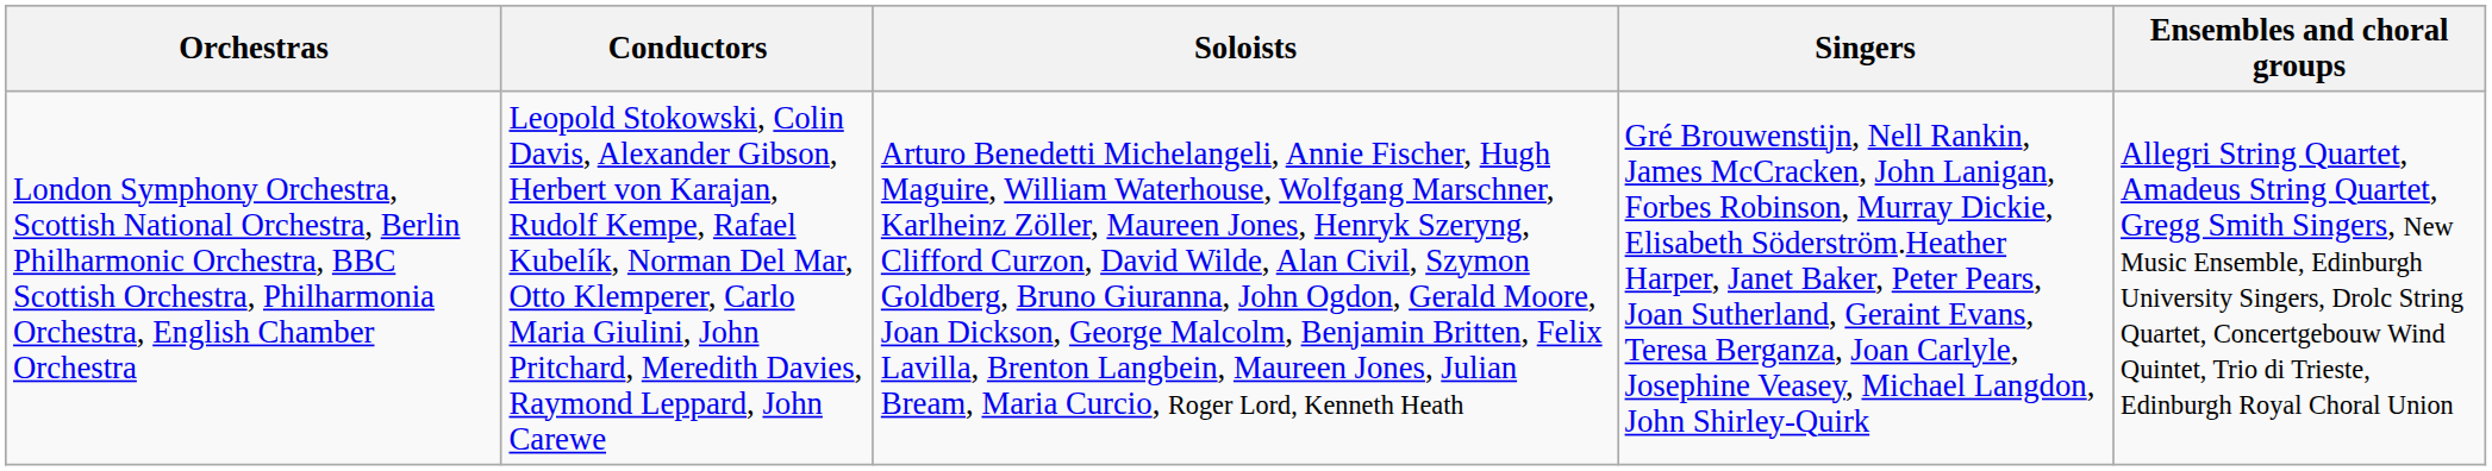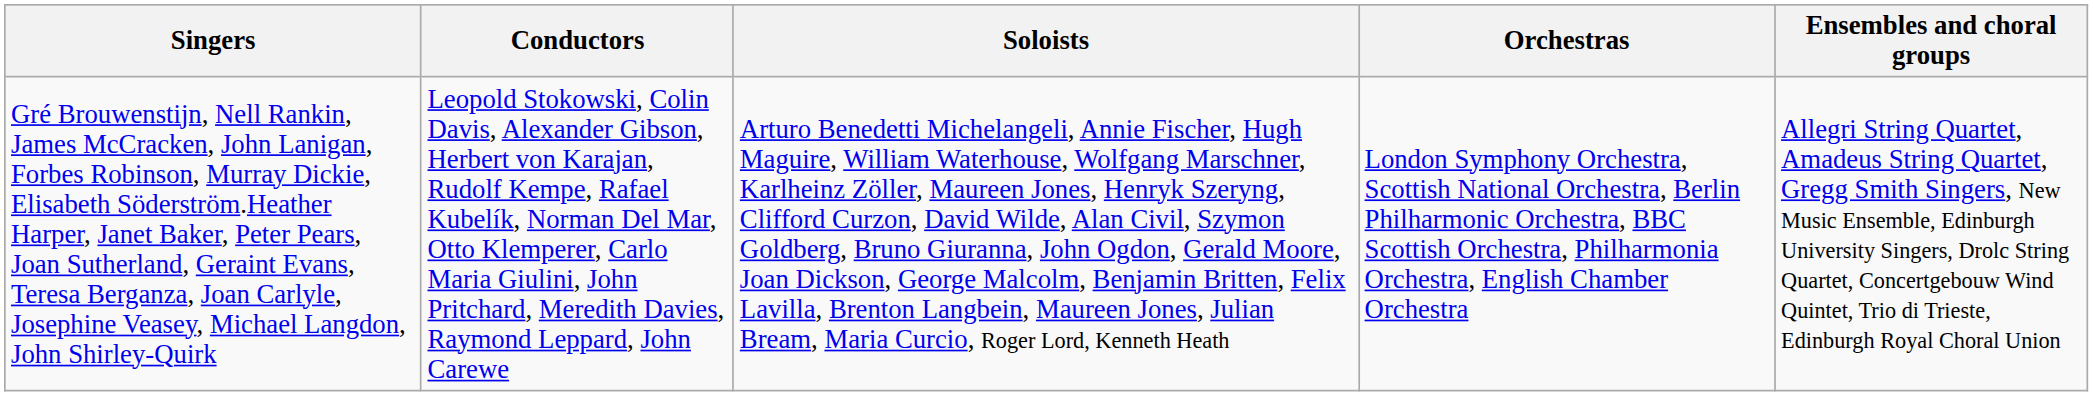 <table class="wikitable toptextcells">
 <tr class="hintergrundfarbe5">
-<th style="width:20%;">Orchestras</th>
+<th style="width:20%;">Singers</th>
 <th style="width:15%;">Conductors</th>
 <th style="width:30%;">Soloists</th>
-<th style="width:20%;">Singers</th>
+<th style="width:20%;">Orchestras</th>
 <th style="width:15%;">Ensembles and choral groups</th>
 </tr>
 <tr>
-<td><a href='#'>London Symphony Orchestra</a>, <a href='#'>Scottish National Orchestra</a>, <a href='#'>Berlin Philharmonic Orchestra</a>, <a href='#'>BBC Scottish Orchestra</a>, <a href='#'>Philharmonia Orchestra</a>, <a href='#'>English Chamber Orchestra</a></td>
+<td><a href='#'>Gré Brouwenstijn</a>, <a href='#'>Nell Rankin</a>, <a href='#'>James McCracken</a>, <a href='#'>John Lanigan</a>, <a href='#'>Forbes Robinson</a>, <a href='#'>Murray Dickie</a>, <a href='#'>Elisabeth Söderström</a>.<a href='#'>Heather Harper</a>, <a href='#'>Janet Baker</a>, <a href='#'>Peter Pears</a>, <a href='#'>Joan Sutherland</a>, <a href='#'>Geraint Evans</a>, <a href='#'>Teresa Berganza</a>, <a href='#'>Joan Carlyle</a>, <a href='#'>Josephine Veasey</a>, <a href='#'>Michael Langdon</a>, <a href='#'>John Shirley-Quirk</a></td>
 <td><a href='#'>Leopold Stokowski</a>, <a href='#'>Colin Davis</a>, <a href='#'>Alexander Gibson</a>, <a href='#'>Herbert von Karajan</a>, <a href='#'>Rudolf Kempe</a>, <a href='#'>Rafael Kubelík</a>, <a href='#'>Norman Del Mar</a>, <a href='#'>Otto Klemperer</a>, <a href='#'>Carlo Maria Giulini</a>, <a href='#'>John Pritchard</a>, <a href='#'>Meredith Davies</a>, <a href='#'>Raymond Leppard</a>, <a href='#'>John Carewe</a></td>
 <td><a href='#'>Arturo Benedetti Michelangeli</a>, <a href='#'>Annie Fischer</a>, <a href='#'>Hugh Maguire</a>, <a href='#'>William Waterhouse</a>, <a href='#'>Wolfgang Marschner</a>, <a href='#'>Karlheinz Zöller</a>, <a href='#'>Maureen Jones</a>, <a href='#'>Henryk Szeryng</a>, <a href='#'>Clifford Curzon</a>, <a href='#'>David Wilde</a>, <a href='#'>Alan Civil</a>, <a href='#'>Szymon Goldberg</a>, <a href='#'>Bruno Giuranna</a>, <a href='#'>John Ogdon</a>, <a href='#'>Gerald Moore</a>, <a href='#'>Joan Dickson</a>, <a href='#'>George Malcolm</a>, <a href='#'>Benjamin Britten</a>, <a href='#'>Felix Lavilla</a>, <a href='#'>Brenton Langbein</a>, <a href='#'>Maureen Jones</a>, <a href='#'>Julian Bream</a>, <a href='#'>Maria Curcio</a>, <small>Roger Lord, Kenneth Heath</small></td>
-<td><a href='#'>Gré Brouwenstijn</a>, <a href='#'>Nell Rankin</a>, <a href='#'>James McCracken</a>, <a href='#'>John Lanigan</a>, <a href='#'>Forbes Robinson</a>, <a href='#'>Murray Dickie</a>, <a href='#'>Elisabeth Söderström</a>.<a href='#'>Heather Harper</a>, <a href='#'>Janet Baker</a>, <a href='#'>Peter Pears</a>, <a href='#'>Joan Sutherland</a>, <a href='#'>Geraint Evans</a>, <a href='#'>Teresa Berganza</a>, <a href='#'>Joan Carlyle</a>, <a href='#'>Josephine Veasey</a>, <a href='#'>Michael Langdon</a>, <a href='#'>John Shirley-Quirk</a></td>
+<td><a href='#'>London Symphony Orchestra</a>, <a href='#'>Scottish National Orchestra</a>, <a href='#'>Berlin Philharmonic Orchestra</a>, <a href='#'>BBC Scottish Orchestra</a>, <a href='#'>Philharmonia Orchestra</a>, <a href='#'>English Chamber Orchestra</a></td>
 <td><a href='#'>Allegri String Quartet</a>, <a href='#'>Amadeus String Quartet</a>, <a href='#'>Gregg Smith Singers</a>, <small>New Music Ensemble, Edinburgh University Singers, Drolc String Quartet, Concertgebouw Wind Quintet, Trio di Trieste, Edinburgh Royal Choral Union</small></td>
 </tr>
 </table>
